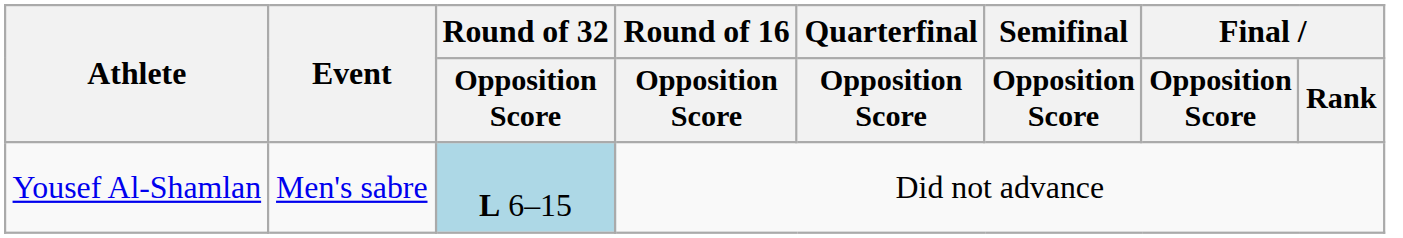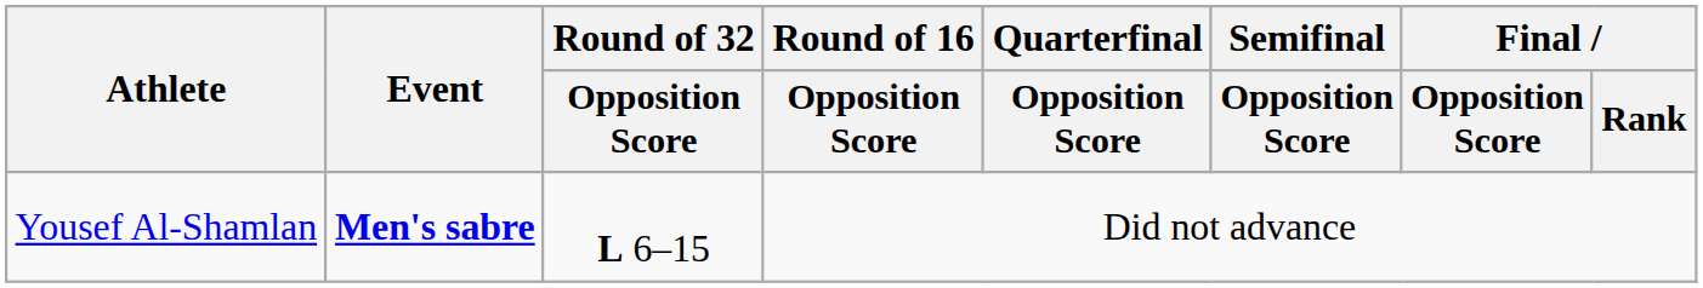 <table class="wikitable" style="font-size:90%">
 <tr>
 <th rowspan="2">Athlete</th>
 <th rowspan="2">Event</th>
 <th>Round of 32</th>
 <th>Round of 16</th>
 <th>Quarterfinal</th>
 <th>Semifinal</th>
 <th colspan=2>Final / </th>
 </tr>
 <tr style="font-size:95%">
 <th>Opposition <br> Score</th>
 <th>Opposition <br> Score</th>
 <th>Opposition <br> Score</th>
 <th>Opposition <br> Score</th>
 <th>Opposition <br> Score</th>
 <th>Rank</th>
 </tr>
 <tr align=center>
 <td align=left><a href='#'>Yousef Al-Shamlan</a></td>
-<td align=left><a href='#'>Men's sabre</a></td>
-<td style="background: lightblue;"><br><strong>L</strong> 6–15</td>
+<td align=left><strong><a href='#'>Men's sabre</a></strong></td>
+<td><br><strong>L</strong> 6–15</td>
 <td colspan=5>Did not advance</td>
 </tr>
 </table>
